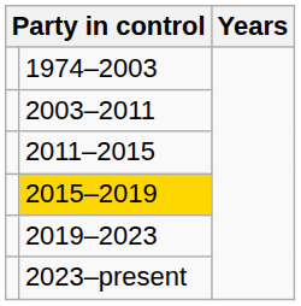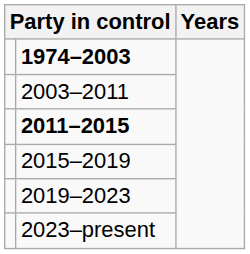 <table class="wikitable">
 <tr>
 <th colspan=2>Party in control</th>
 <th>Years</th>
 </tr>
 <tr>
 <td></td>
-<td>1974–2003</td>
+<td><strong>1974–2003</strong></td>
 </tr>
 <tr>
 <td></td>
 <td>2003–2011</td>
 </tr>
 <tr>
 <td></td>
-<td>2011–2015</td>
+<td><strong>2011–2015</strong></td>
 </tr>
 <tr>
 <td></td>
-<td style="background: gold;">2015–2019</td>
+<td>2015–2019</td>
 </tr>
 <tr>
 <td></td>
 <td>2019–2023</td>
 </tr>
 <tr>
 <td></td>
 <td>2023–present</td>
 </tr>
 </table>
